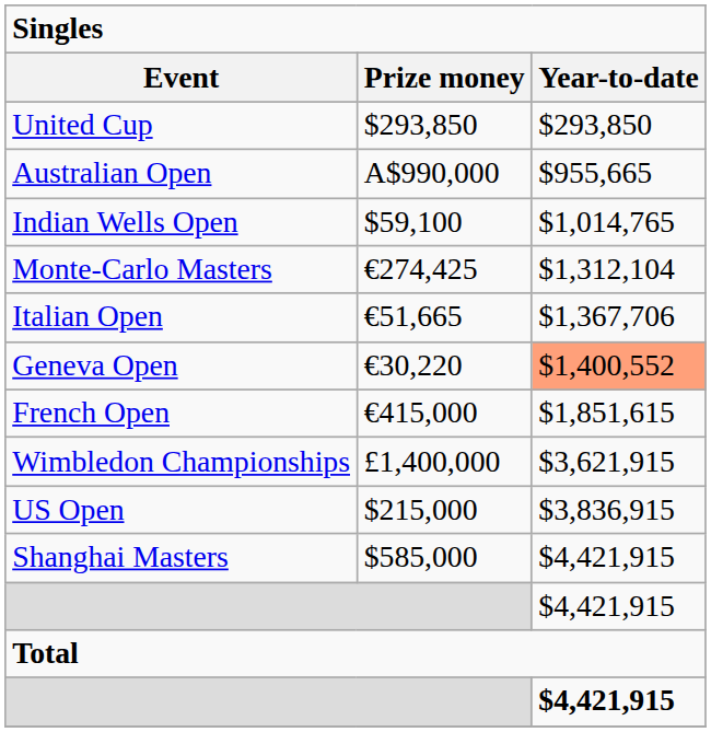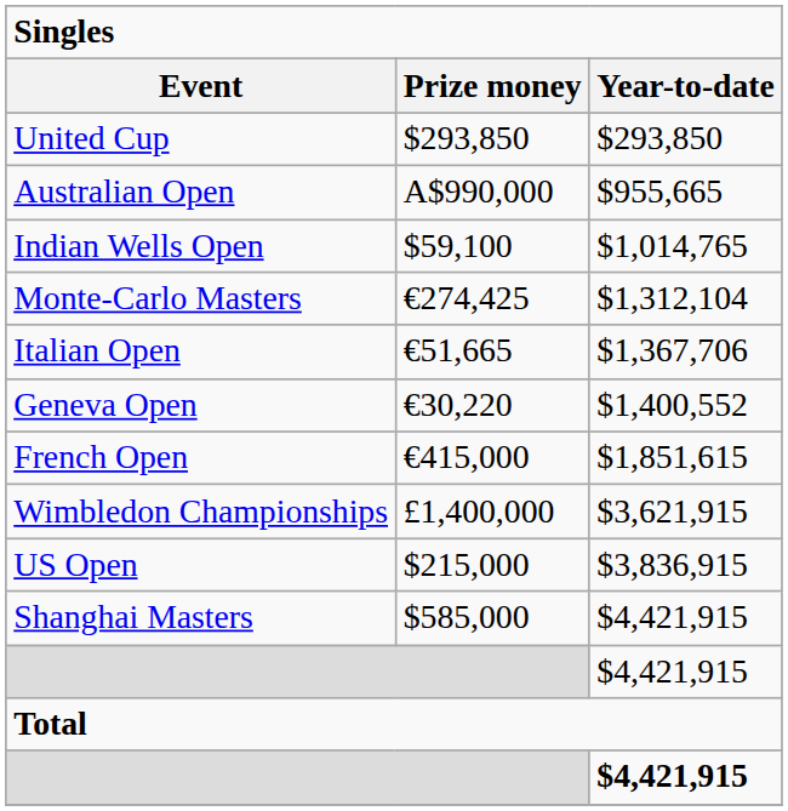 <table class="wikitable sortable">
 <tr>
 <td colspan=3><strong>Singles</strong></td>
 </tr>
 <tr>
 <th>Event</th>
 <th>Prize money</th>
 <th>Year-to-date</th>
 </tr>
 <tr>
 <td><a href='#'>United Cup</a></td>
 <td>$293,850</td>
 <td>$293,850</td>
 </tr>
 <tr>
 <td><a href='#'>Australian Open</a></td>
 <td>A$990,000</td>
 <td>$955,665</td>
 </tr>
 <tr>
 <td><a href='#'>Indian Wells Open</a></td>
 <td>$59,100</td>
 <td>$1,014,765</td>
 </tr>
 <tr>
 <td><a href='#'>Monte-Carlo Masters</a></td>
 <td>€274,425</td>
 <td>$1,312,104</td>
 </tr>
 <tr>
 <td><a href='#'>Italian Open</a></td>
 <td>€51,665</td>
 <td>$1,367,706</td>
 </tr>
 <tr>
 <td><a href='#'>Geneva Open</a></td>
 <td>€30,220</td>
-<td style="background: lightsalmon;">$1,400,552</td>
+<td>$1,400,552</td>
 </tr>
 <tr>
 <td><a href='#'>French Open</a></td>
 <td>€415,000</td>
 <td>$1,851,615</td>
 </tr>
 <tr>
 <td><a href='#'>Wimbledon Championships</a></td>
 <td>£1,400,000</td>
 <td>$3,621,915</td>
 </tr>
 <tr>
 <td><a href='#'>US Open</a></td>
 <td>$215,000</td>
 <td>$3,836,915</td>
 </tr>
 <tr>
 <td><a href='#'>Shanghai Masters</a></td>
 <td>$585,000</td>
 <td>$4,421,915</td>
 </tr>
 <tr class="sortbottom">
 <td colspan=2 bgcolor=#DCDCDC></td>
 <td>$4,421,915</td>
 </tr>
 <tr>
 <td colspan=3><strong>Total</strong></td>
 </tr>
 <tr class="sortbottom">
 <td colspan=2 bgcolor=#DCDCDC></td>
 <td><strong>$4,421,915</strong></td>
 </tr>
 <tr>
 </tr>
 </table>
